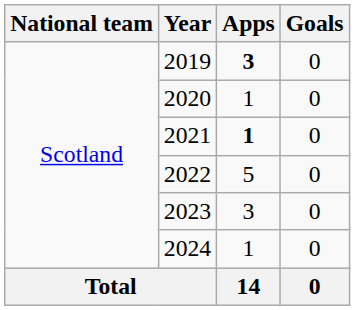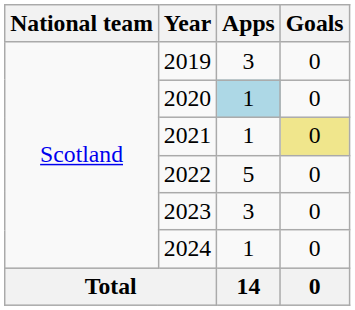 <table class=wikitable style="text-align: center;">
 <tr>
 <th>National team</th>
 <th>Year</th>
 <th>Apps</th>
 <th>Goals</th>
 </tr>
 <tr>
 <td rowspan=6><a href='#'>Scotland</a></td>
 <td>2019</td>
-<td><strong>3</strong></td>
+<td>3</td>
 <td>0</td>
 </tr>
 <tr>
 <td>2020</td>
-<td>1</td>
+<td style="background: lightblue;">1</td>
 <td>0</td>
 </tr>
 <tr>
 <td>2021</td>
-<td><strong>1</strong></td>
-<td>0</td>
+<td>1</td>
+<td style="background: khaki;">0</td>
 </tr>
 <tr>
 <td>2022</td>
 <td>5</td>
 <td>0</td>
 </tr>
 <tr>
 <td>2023</td>
 <td>3</td>
 <td>0</td>
 </tr>
 <tr>
 <td>2024</td>
 <td>1</td>
 <td>0</td>
 </tr>
 <tr>
 <th colspan=2>Total</th>
 <th>14</th>
 <th>0</th>
 </tr>
 </table>
